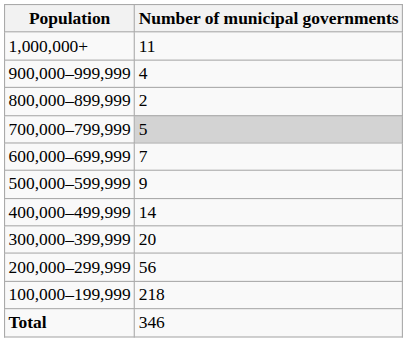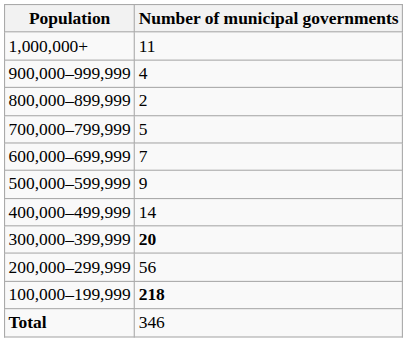 <table class="wikitable">
 <tr>
 <th>Population</th>
 <th>Number of municipal governments</th>
 </tr>
 <tr>
 <td>1,000,000+</td>
 <td>11</td>
 </tr>
 <tr>
 <td>900,000–999,999</td>
 <td>4</td>
 </tr>
 <tr>
 <td>800,000–899,999</td>
 <td>2</td>
 </tr>
 <tr>
 <td>700,000–799,999</td>
-<td style="background: lightgrey;">5</td>
+<td>5</td>
 </tr>
 <tr>
 <td>600,000–699,999</td>
 <td>7</td>
 </tr>
 <tr>
 <td>500,000–599,999</td>
 <td>9</td>
 </tr>
 <tr>
 <td>400,000–499,999</td>
 <td>14</td>
 </tr>
 <tr>
 <td>300,000–399,999</td>
-<td>20</td>
+<td><strong>20</strong></td>
 </tr>
 <tr>
 <td>200,000–299,999</td>
 <td>56</td>
 </tr>
 <tr>
 <td>100,000–199,999</td>
-<td>218</td>
+<td><strong>218</strong></td>
 </tr>
 <tr>
 <td><strong>Total</strong></td>
 <td>346</td>
 </tr>
 </table>
